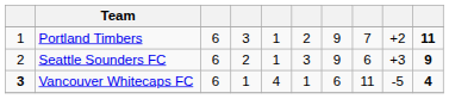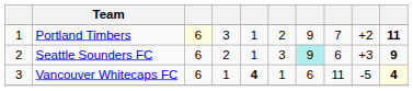 <table class="wikitable" style="text-align: center;">
 <tr>
 <th width="28"></th>
 <th width="185">Team</th>
 <th width="28"></th>
 <th width="28"></th>
 <th width="28"></th>
 <th width="28"></th>
 <th width="28"></th>
 <th width="28"></th>
 <th width="28"></th>
 <th width="28"></th>
 </tr>
 <tr style="background-color:#">
 </tr>
 <tr>
 </tr>
 <tr>
 <td>1</td>
 <td style="text-align:left;"><a href='#'>Portland Timbers</a></td>
-<td>6</td>
+<td style="background: lightyellow;">6</td>
 <td>3</td>
 <td>1</td>
 <td>2</td>
 <td>9</td>
 <td>7</td>
 <td>+2</td>
 <td><strong>11</strong></td>
 </tr>
 <tr>
 <td>2</td>
 <td style="text-align:left;"><a href='#'>Seattle Sounders FC</a></td>
 <td>6</td>
 <td>2</td>
 <td>1</td>
 <td>3</td>
-<td>9</td>
+<td style="background: paleturquoise;">9</td>
 <td>6</td>
 <td>+3</td>
 <td><strong>9</strong></td>
 </tr>
 <tr>
-<td><strong>3</strong></td>
+<td>3</td>
 <td style="text-align:left;"><a href='#'>Vancouver Whitecaps FC</a></td>
 <td>6</td>
 <td>1</td>
-<td>4</td>
+<td><strong>4</strong></td>
 <td>1</td>
 <td>6</td>
 <td>11</td>
 <td>-5</td>
-<td><strong>4</strong></td>
+<td style="background: lightyellow;"><strong>4</strong></td>
 </tr>
 <tr>
 </tr>
 </table>
